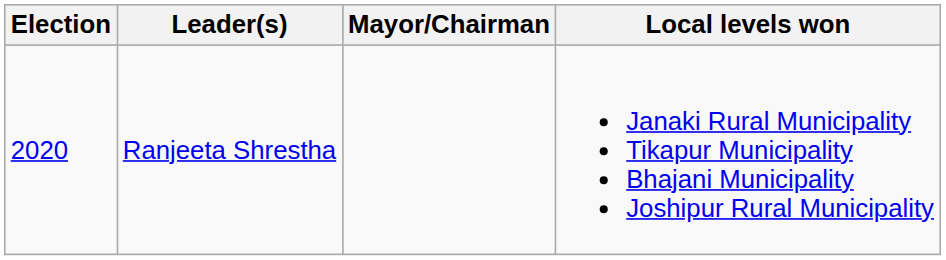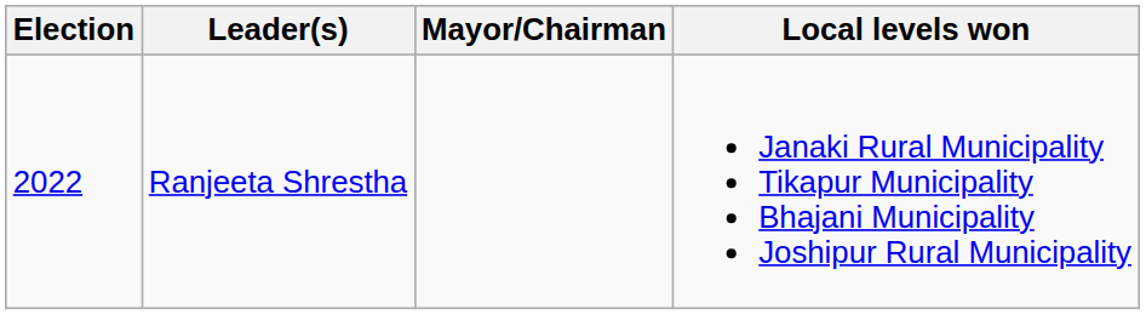 <table class="wikitable">
 <tr>
 <th style="background:">Election</th>
 <th style="background:">Leader(s)</th>
 <th style="background:">Mayor/Chairman</th>
 <th style="background:">Local levels won</th>
 </tr>
 <tr>
-<td><a href='#'>2020</a></td>
+<td><a href='#'>2022</a></td>
 <td><a href='#'>Ranjeeta Shrestha</a></td>
 <td></td>
 <td><br><ul><li><a href='#'>Janaki Rural Municipality</a></li><li><a href='#'>Tikapur Municipality</a></li><li><a href='#'>Bhajani Municipality</a></li><li><a href='#'>Joshipur Rural Municipality</a></li></ul></td>
 </tr>
 </table>
